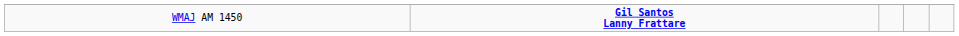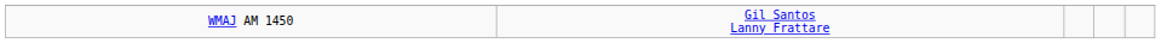 <table style="min-width:80%; text-align:center;" class="wikitable">
 <tr>
 </tr>
 <tr>
 <td><a href='#'>WMAJ</a> AM 1450</td>
-<td><strong><a href='#'>Gil Santos</a><br><a href='#'>Lanny Frattare</a></strong></td>
+<td><a href='#'>Gil Santos</a><br><a href='#'>Lanny Frattare</a></td>
 <td></td>
 <td></td>
 <td></td>
 </tr>
 </table>
